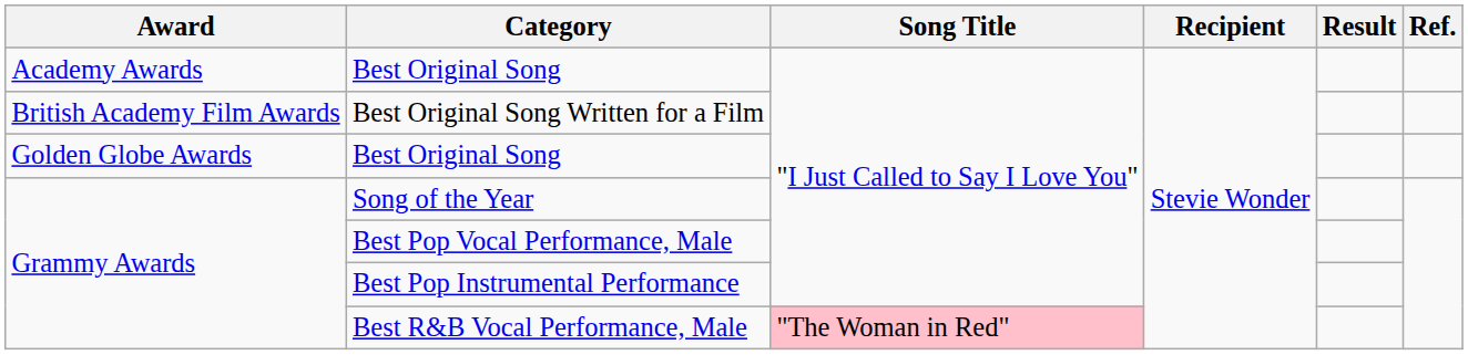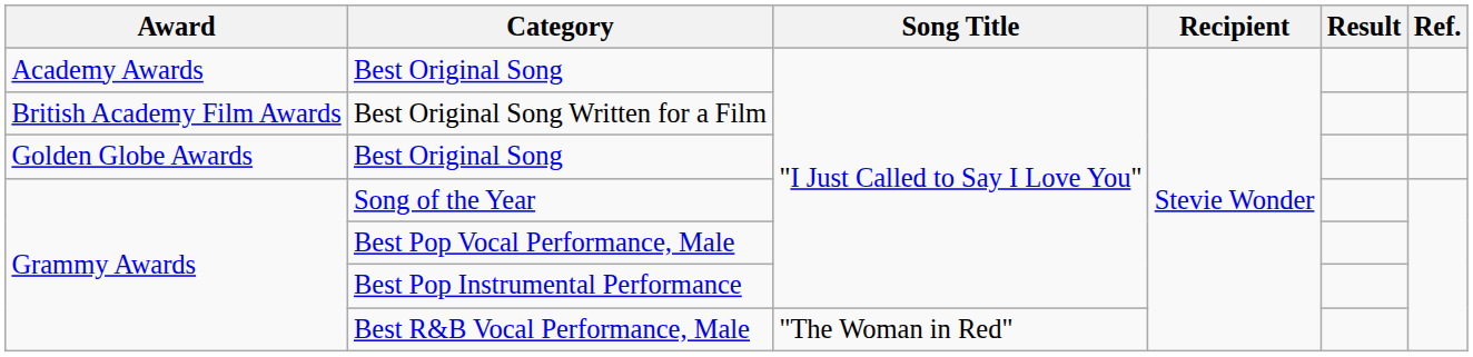 <table class="wikitable plainrowheaders">
 <tr>
 <th>Award</th>
 <th>Category</th>
 <th>Song Title</th>
 <th>Recipient</th>
 <th>Result</th>
 <th>Ref.</th>
 </tr>
 <tr>
 <td><a href='#'>Academy Awards</a></td>
 <td><a href='#'>Best Original Song</a></td>
 <td rowspan="6">"<a href='#'>I Just Called to Say I Love You</a>"</td>
 <td rowspan="7"><a href='#'>Stevie Wonder</a></td>
 <td></td>
 <td align="center"></td>
 </tr>
 <tr>
 <td><a href='#'>British Academy Film Awards</a></td>
 <td>Best Original Song Written for a Film</td>
 <td></td>
 <td align="center"></td>
 </tr>
 <tr>
 <td><a href='#'>Golden Globe Awards</a></td>
 <td><a href='#'>Best Original Song</a></td>
 <td></td>
 <td align="center"></td>
 </tr>
 <tr>
 <td rowspan="4"><a href='#'>Grammy Awards</a></td>
 <td><a href='#'>Song of the Year</a></td>
 <td></td>
 <td align="center" rowspan="4"></td>
 </tr>
 <tr>
 <td><a href='#'>Best Pop Vocal Performance, Male</a></td>
 <td></td>
 </tr>
 <tr>
 <td><a href='#'>Best Pop Instrumental Performance</a></td>
 <td></td>
 </tr>
 <tr>
 <td><a href='#'>Best R&B Vocal Performance, Male</a></td>
-<td style="background: pink;">"The Woman in Red"</td>
+<td>"The Woman in Red"</td>
 <td></td>
 </tr>
 </table>
